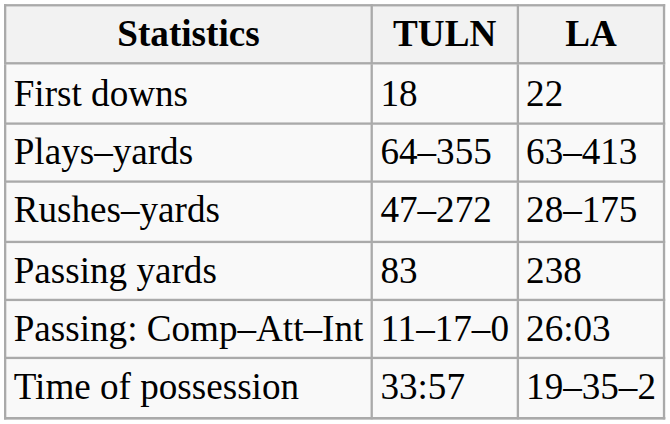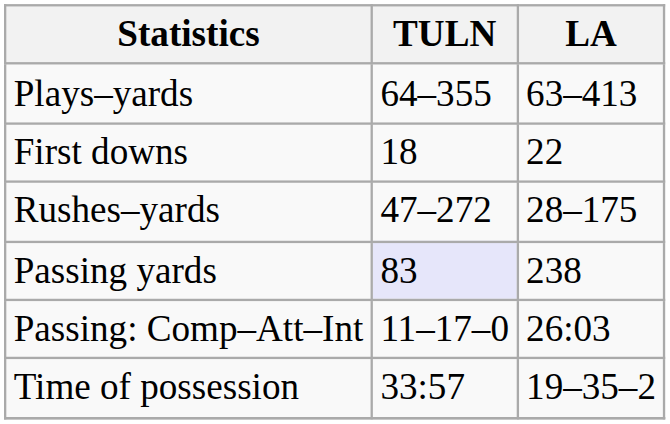 <table class="wikitable" style="float: left;">
 <tr>
 <th>Statistics</th>
 <th>TULN</th>
 <th>LA</th>
 </tr>
 <tr>
+<td>Plays–yards</td>
+<td>64–355</td>
+<td>63–413</td>
+</tr>
+<tr>
 <td>First downs</td>
 <td>18</td>
 <td>22</td>
-</tr>
-<tr>
-<td>Plays–yards</td>
-<td>64–355</td>
-<td>63–413</td>
 </tr>
 <tr>
 <td>Rushes–yards</td>
 <td>47–272</td>
 <td>28–175</td>
 </tr>
 <tr>
 <td>Passing yards</td>
-<td>83</td>
+<td style="background: lavender;">83</td>
 <td>238</td>
 </tr>
 <tr>
 <td>Passing: Comp–Att–Int</td>
 <td>11–17–0</td>
 <td>26:03</td>
 </tr>
 <tr>
 <td>Time of possession</td>
 <td>33:57</td>
 <td>19–35–2</td>
 </tr>
 <tr>
 </tr>
 </table>
